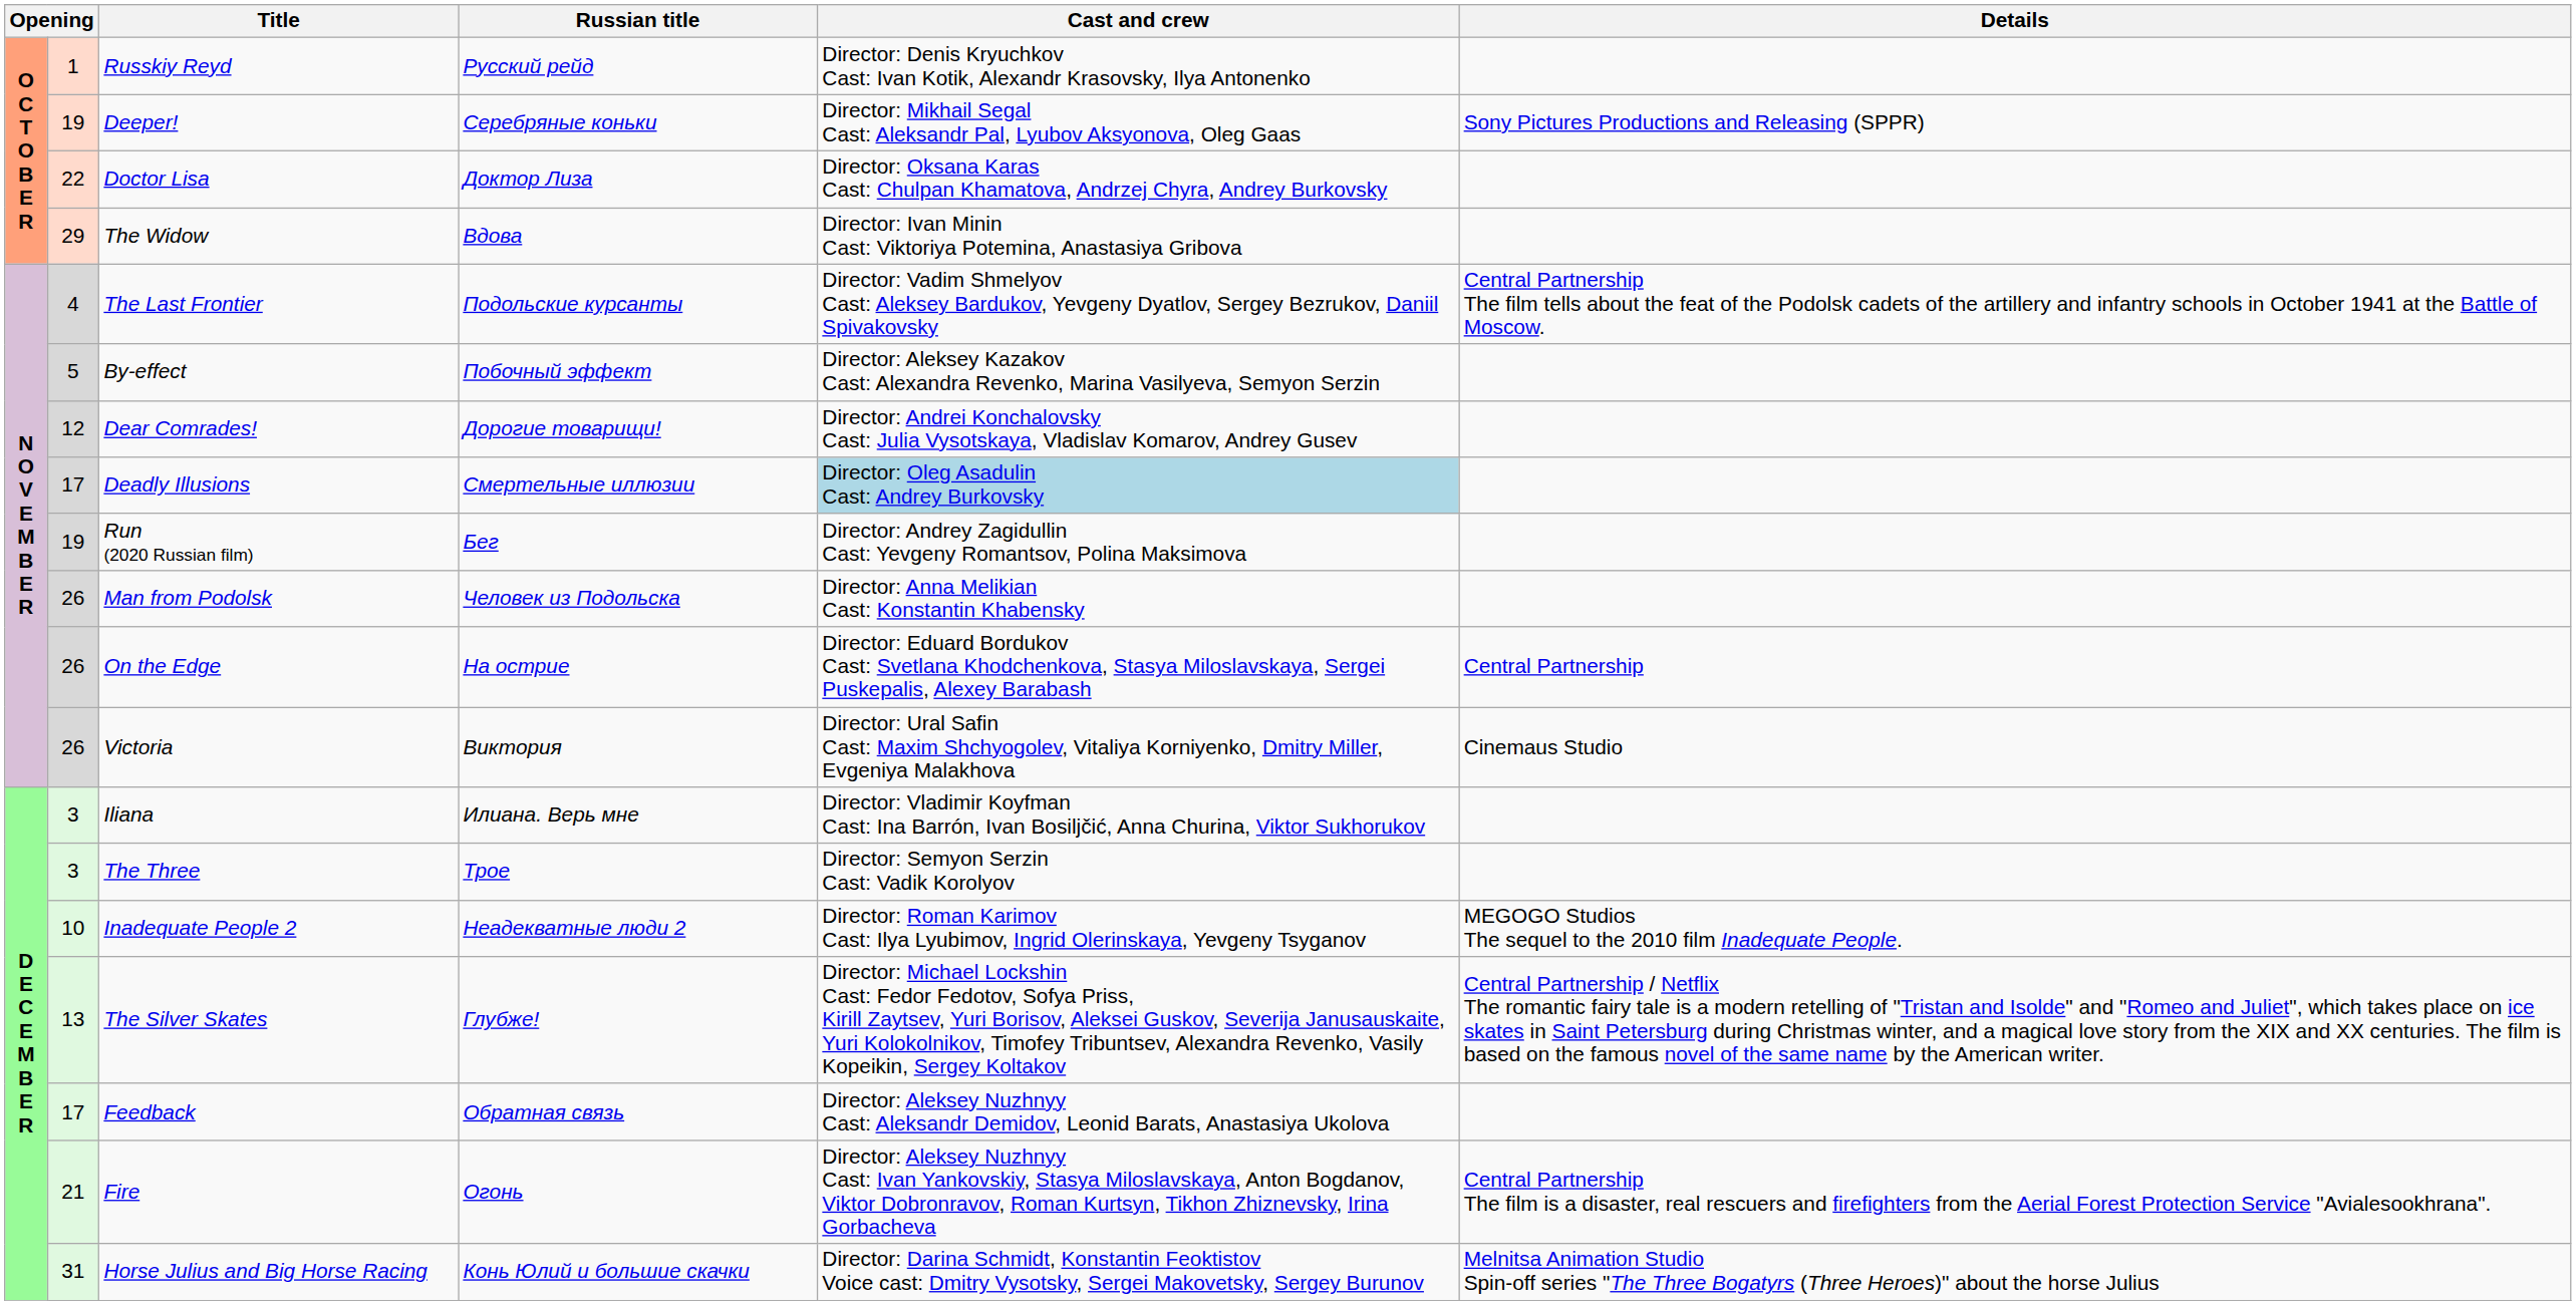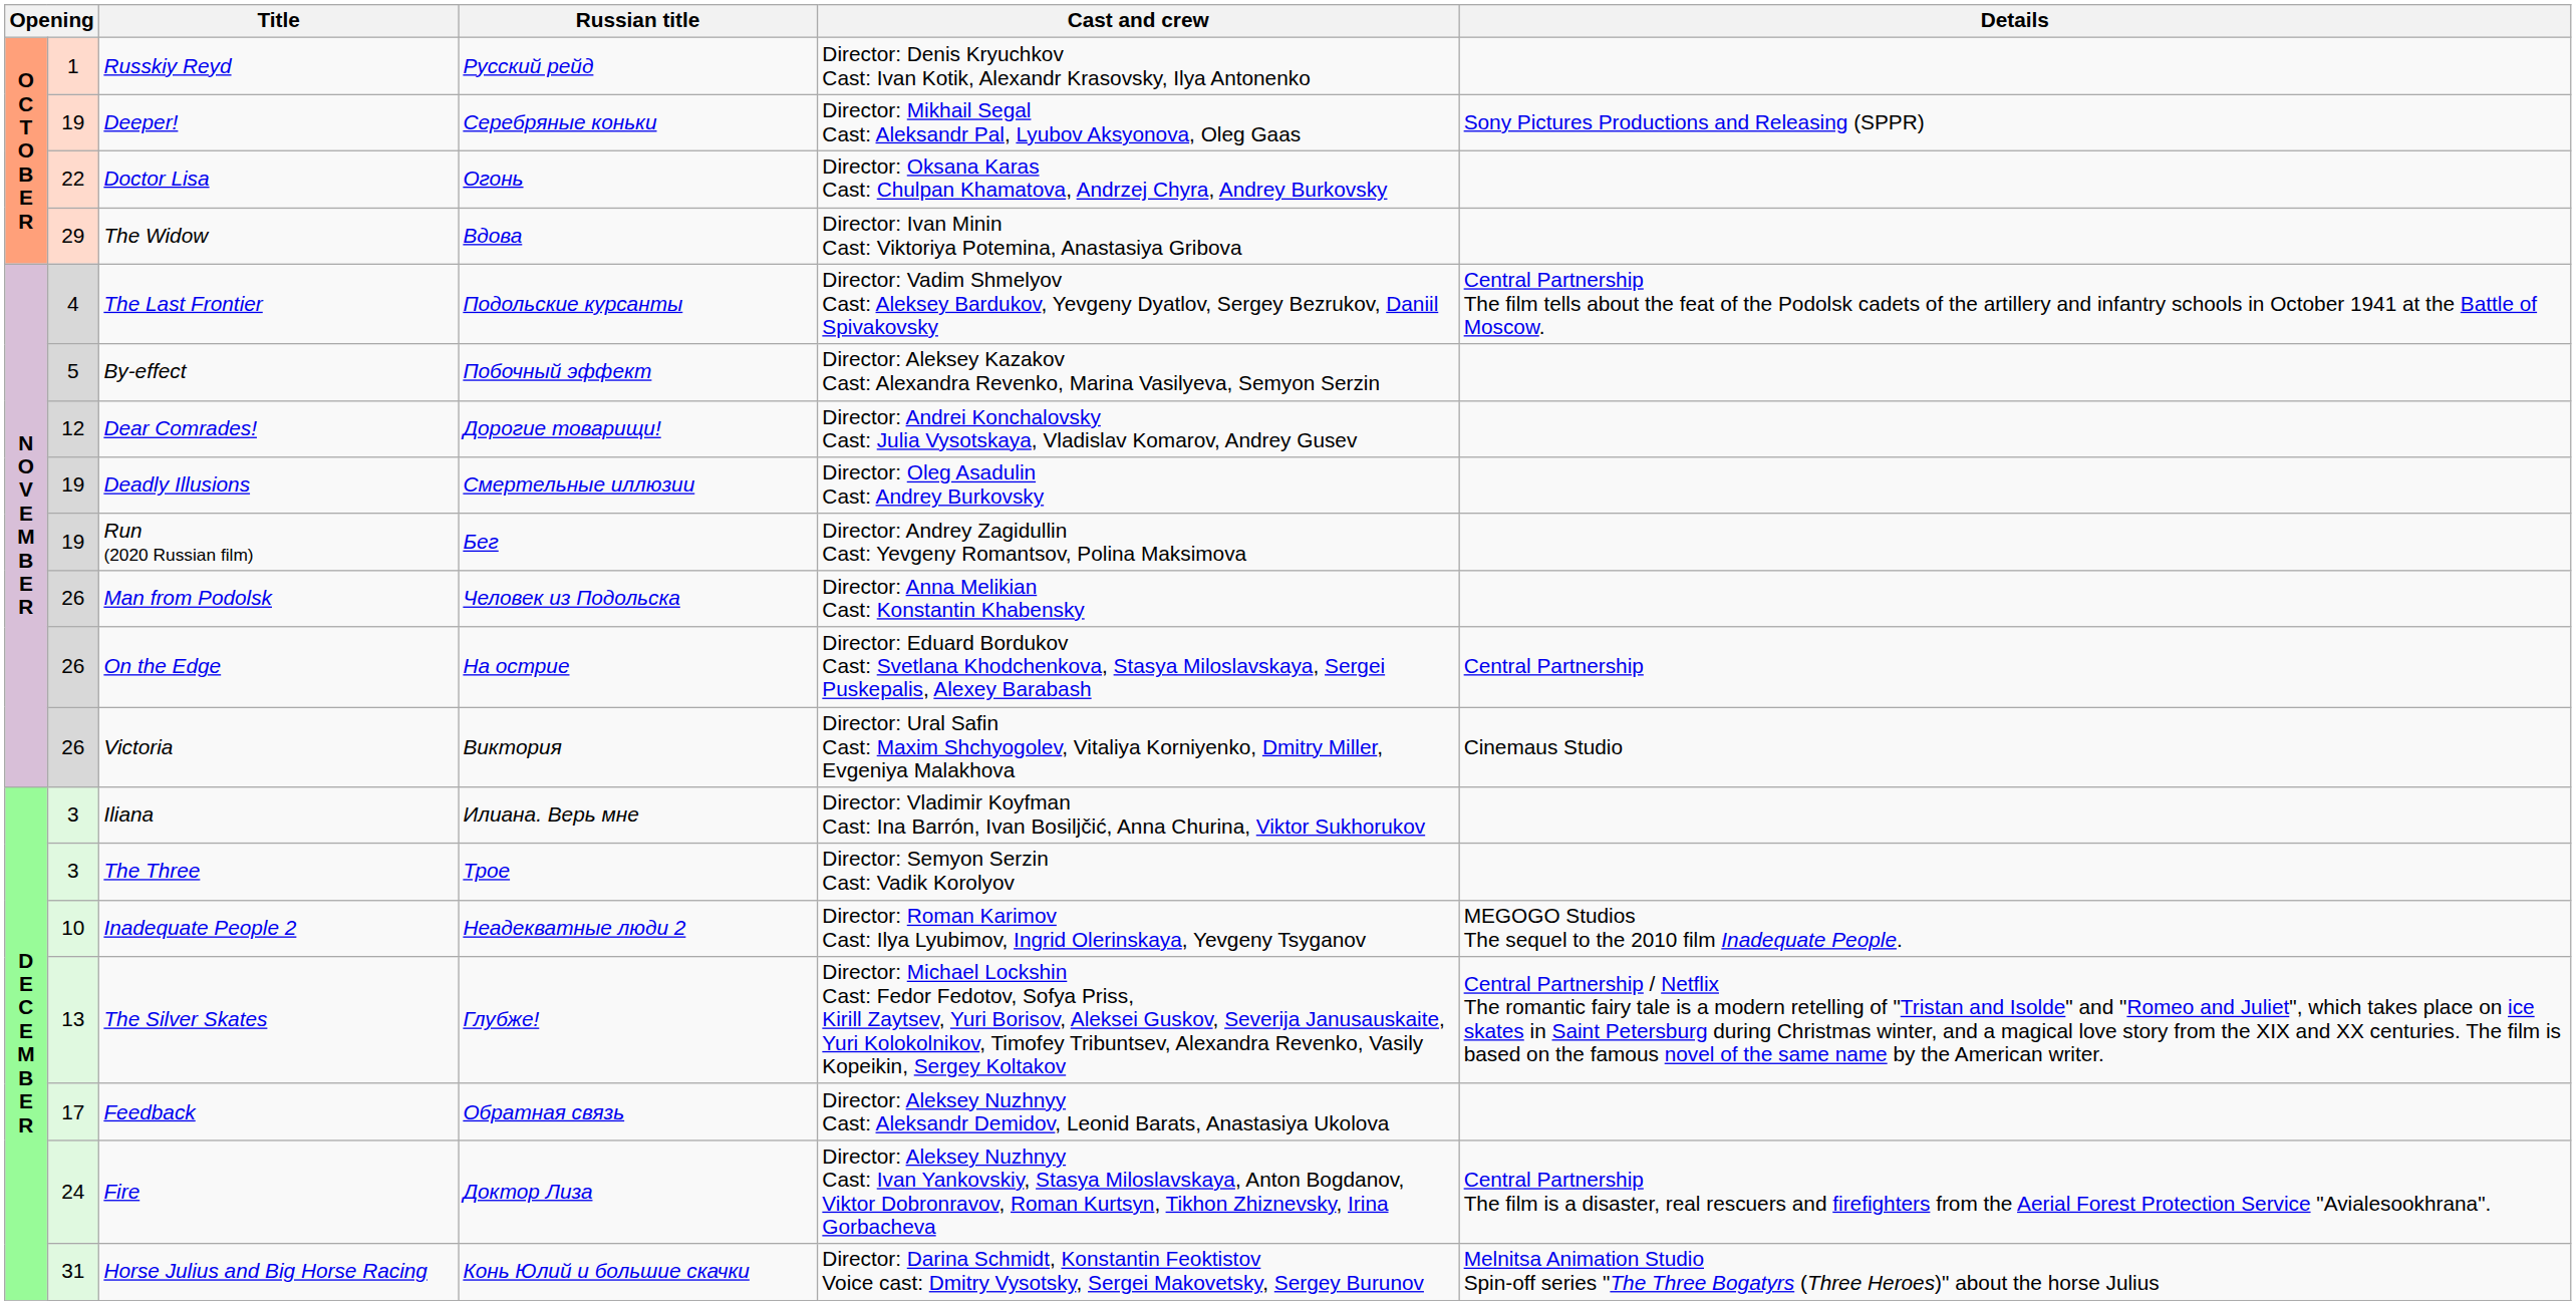 <table class="wikitable">
 <tr>
 <th colspan="2">Opening</th>
 <th style="width:14%;">Title</th>
 <th style="width:14%;">Russian title</th>
 <th style="width:25%;">Cast and crew</th>
 <th>Details</th>
 </tr>
 <tr>
 <th rowspan="4" align="center" style="background:#ffa07a; textcolor:#000;">O<br>C<br>T<br>O<br>B<br>E<br>R</th>
 <td align="center" style="background:#ffdacc;">1</td>
 <td><em><a href='#'>Russkiy Reyd</a></em></td>
 <td><em><a href='#'>Русский рейд</a></em></td>
 <td>Director: Denis Kryuchkov <br> Cast: Ivan Kotik, Alexandr Krasovsky, Ilya Antonenko</td>
 <td></td>
 </tr>
 <tr>
 <td align="center" style="background:#ffdacc;">19</td>
 <td><em><a href='#'>Deeper!</a></em></td>
 <td><em><a href='#'>Серебряные коньки</a></em></td>
 <td>Director: <a href='#'>Mikhail Segal</a> <br> Cast: <a href='#'>Aleksandr Pal</a>, <a href='#'>Lyubov Aksyonova</a>, Oleg Gaas</td>
 <td><a href='#'>Sony Pictures Productions and Releasing</a> (SPPR)</td>
 </tr>
 <tr>
 <td align="center" style="background:#ffdacc;">22</td>
 <td><em><a href='#'>Doctor Lisa</a></em></td>
-<td><em><a href='#'>Доктор Лиза</a></em></td>
+<td><em><a href='#'>Огонь</a></em></td>
 <td>Director: <a href='#'>Oksana Karas</a> <br> Cast: <a href='#'>Chulpan Khamatova</a>, <a href='#'>Andrzej Chyra</a>, <a href='#'>Andrey Burkovsky</a></td>
 <td></td>
 </tr>
 <tr>
 <td align="center" style="background:#ffdacc;">29</td>
 <td><em>The Widow</em></td>
 <td><em><a href='#'>Вдова</a></em></td>
 <td>Director: Ivan Minin <br> Cast: Viktoriya Potemina, Anastasiya Gribova</td>
 <td></td>
 </tr>
 <tr>
 <th rowspan="8" align="center" style="background:thistle; textcolor:#000;">N<br>O<br>V<br>E<br>M<br>B<br>E<br>R</th>
 <td align="center" style="background:#d8d8d8;">4</td>
 <td><em><a href='#'>The Last Frontier</a></em></td>
 <td><em><a href='#'>Подольские курсанты</a></em></td>
 <td>Director: Vadim Shmelyov <br> Cast: <a href='#'>Aleksey Bardukov</a>, Yevgeny Dyatlov, Sergey Bezrukov, <a href='#'>Daniil Spivakovsky</a></td>
 <td><a href='#'>Central Partnership</a> <br> The film tells about the feat of the Podolsk cadets of the artillery and infantry schools in October 1941 at the <a href='#'>Battle of Moscow</a>.</td>
 </tr>
 <tr>
 <td align="center" style="background:#d8d8d8;">5</td>
 <td><em>By-effect</em></td>
 <td><em><a href='#'>Побочный эффект</a></em></td>
 <td>Director: Aleksey Kazakov <br> Cast: Alexandra Revenko, Marina Vasilyeva, Semyon Serzin</td>
 <td></td>
 </tr>
 <tr>
 <td align="center" style="background:#d8d8d8;">12</td>
 <td><em><a href='#'>Dear Comrades!</a></em></td>
 <td><em><a href='#'>Дорогие товарищи!</a></em></td>
 <td>Director: <a href='#'>Andrei Konchalovsky</a> <br> Cast: <a href='#'>Julia Vysotskaya</a>, Vladislav Komarov, Andrey Gusev</td>
 <td></td>
 </tr>
 <tr>
-<td align="center" style="background:#d8d8d8;">17</td>
+<td align="center" style="background:#d8d8d8;">19</td>
 <td><em><a href='#'>Deadly Illusions</a></em></td>
 <td><em><a href='#'>Смертельные иллюзии</a></em></td>
-<td style="background: lightblue;">Director: <a href='#'>Oleg Asadulin</a> <br> Cast: <a href='#'>Andrey Burkovsky</a></td>
+<td>Director: <a href='#'>Oleg Asadulin</a> <br> Cast: <a href='#'>Andrey Burkovsky</a></td>
 <td></td>
 </tr>
 <tr>
 <td align="center" style="background:#d8d8d8;">19</td>
 <td><em>Run</em> <br> <small>(2020 Russian film)</small></td>
 <td><em><a href='#'>Бег</a></em></td>
 <td>Director: Andrey Zagidullin <br> Cast: Yevgeny Romantsov, Polina Maksimova</td>
 <td></td>
 </tr>
 <tr>
 <td align="center" style="background:#d8d8d8;">26</td>
 <td><em><a href='#'>Man from Podolsk</a></em></td>
 <td><em><a href='#'>Человек из Подольска</a></em></td>
 <td>Director: <a href='#'>Anna Melikian</a> <br> Cast: <a href='#'>Konstantin Khabensky</a></td>
 <td></td>
 </tr>
 <tr>
 <td align="center" style="background:#d8d8d8;">26</td>
 <td><em><a href='#'>On the Edge</a></em></td>
 <td><em><a href='#'>На острие</a></em></td>
 <td>Director: Eduard Bordukov <br> Cast: <a href='#'>Svetlana Khodchenkova</a>, <a href='#'>Stasya Miloslavskaya</a>, <a href='#'>Sergei Puskepalis</a>, <a href='#'>Alexey Barabash</a></td>
 <td><a href='#'>Central Partnership</a></td>
 </tr>
 <tr>
 <td align="center" style="background:#d8d8d8;">26</td>
 <td><em>Victoria</em></td>
 <td><em>Виктория</em></td>
 <td>Director: Ural Safin <br> Cast: <a href='#'>Maxim Shchyogolev</a>, Vitaliya Korniyenko, <a href='#'>Dmitry Miller</a>, Evgeniya Malakhova</td>
 <td>Cinemaus Studio</td>
 </tr>
 <tr>
 <th rowspan="8" align="center" style="background:#98fb98; textcolor:#000;">D<br>E<br>C<br>E<br>M<br>B<br>E<br>R</th>
 <td align="center" style="background:#e0f9e0;">3</td>
 <td><em>Iliana</em></td>
 <td><em>Илиана. Верь мне</em></td>
 <td>Director: Vladimir Koyfman <br> Cast: Ina Barrón, Ivan Bosiljčić, Anna Churina, <a href='#'>Viktor Sukhorukov</a></td>
 <td></td>
 </tr>
 <tr>
 <td align="center" style="background:#e0f9e0;">3</td>
 <td><em><a href='#'>The Three</a></em></td>
 <td><em><a href='#'>Трое</a></em></td>
 <td>Director: Semyon Serzin <br> Cast: Vadik Korolyov</td>
 <td></td>
 </tr>
 <tr>
 <td align="center" style="background:#e0f9e0;">10</td>
 <td><em><a href='#'>Inadequate People 2</a></em></td>
 <td><em><a href='#'>Неадекватные люди 2</a></em></td>
 <td>Director: <a href='#'>Roman Karimov</a> <br> Cast: Ilya Lyubimov, <a href='#'>Ingrid Olerinskaya</a>, Yevgeny Tsyganov</td>
 <td>MEGOGO Studios <br> The sequel to the 2010 film <em><a href='#'>Inadequate People</a></em>.</td>
 </tr>
 <tr>
 <td align="center" style="background:#e0f9e0;">13</td>
 <td><em><a href='#'>The Silver Skates</a></em></td>
 <td><em><a href='#'>Глубже!</a></em></td>
 <td>Director: <a href='#'>Michael Lockshin</a> <br> Cast: Fedor Fedotov, Sofya Priss,<br> <a href='#'>Kirill Zaytsev</a>, <a href='#'>Yuri Borisov</a>, <a href='#'>Aleksei Guskov</a>, <a href='#'>Severija Janusauskaite</a>, <a href='#'>Yuri Kolokolnikov</a>, Timofey Tribuntsev, Alexandra Revenko, Vasily Kopeikin, <a href='#'>Sergey Koltakov</a></td>
 <td><a href='#'>Central Partnership</a> / <a href='#'>Netflix</a> <br> The romantic fairy tale is a modern retelling of "<a href='#'>Tristan and Isolde</a>" and "<a href='#'>Romeo and Juliet</a>", which takes place on <a href='#'>ice skates</a> in <a href='#'>Saint Petersburg</a> during Christmas winter, and a magical love story from the XIX and XX centuries. The film is based on the famous <a href='#'>novel of the same name</a> by the American writer.</td>
 </tr>
 <tr>
 <td align="center" style="background:#e0f9e0;">17</td>
 <td><em><a href='#'>Feedback</a></em></td>
 <td><em><a href='#'>Обратная связь</a></em></td>
 <td>Director: <a href='#'>Aleksey Nuzhnyy</a> <br> Cast: <a href='#'>Aleksandr Demidov</a>, Leonid Barats, Anastasiya Ukolova</td>
 <td></td>
 </tr>
 <tr>
-<td align="center" style="background:#e0f9e0;">21</td>
+<td align="center" style="background:#e0f9e0;">24</td>
 <td><em><a href='#'>Fire</a></em></td>
-<td><em><a href='#'>Огонь</a></em></td>
+<td><em><a href='#'>Доктор Лиза</a></em></td>
 <td>Director: <a href='#'>Aleksey Nuzhnyy</a> <br> Cast: <a href='#'>Ivan Yankovskiy</a>, <a href='#'>Stasya Miloslavskaya</a>, Anton Bogdanov, <a href='#'>Viktor Dobronravov</a>, <a href='#'>Roman Kurtsyn</a>, <a href='#'>Tikhon Zhiznevsky</a>, <a href='#'>Irina Gorbacheva</a></td>
 <td><a href='#'>Central Partnership</a> <br> The film is a disaster, real rescuers and <a href='#'>firefighters</a> from the <a href='#'>Aerial Forest Protection Service</a> "Avialesookhrana".</td>
 </tr>
 <tr>
 <td align="center" style="background:#e0f9e0;">31</td>
 <td><em><a href='#'>Horse Julius and Big Horse Racing</a></em></td>
 <td><em><a href='#'>Конь Юлий и большие скачки</a></em></td>
 <td>Director:  <a href='#'>Darina Schmidt</a>, <a href='#'>Konstantin Feoktistov</a> <br>Voice cast: <a href='#'>Dmitry Vysotsky</a>, <a href='#'>Sergei Makovetsky</a>, <a href='#'>Sergey Burunov</a></td>
 <td><a href='#'>Melnitsa Animation Studio</a> <br> Spin-off series "<em><a href='#'>The Three Bogatyrs</a></em> (<em>Three Heroes</em>)" about the horse Julius</td>
 </tr>
 <tr>
 </tr>
 </table>
